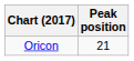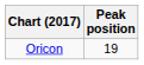 <table class="wikitable plainrowheaders" style="text-align:center">
 <tr>
 <th scope="col">Chart (2017)</th>
 <th scope="col">Peak<br>position</th>
 </tr>
 <tr>
 <td><a href='#'>Oricon</a></td>
-<td align="center">21</td>
+<td align="center">19</td>
 </tr>
 </table>
